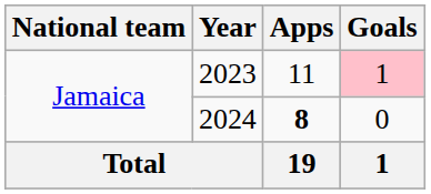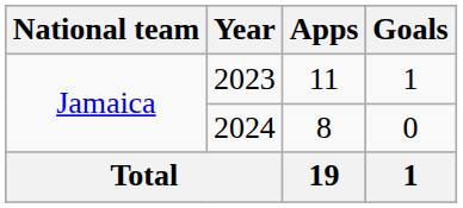 <table class="wikitable" style="text-align: center;">
 <tr>
 <th>National team</th>
 <th>Year</th>
 <th>Apps</th>
 <th>Goals</th>
 </tr>
 <tr>
 <td rowspan=2><a href='#'>Jamaica</a></td>
 <td>2023</td>
 <td>11</td>
-<td style="background: pink;">1</td>
+<td>1</td>
 </tr>
 <tr>
 <td>2024</td>
-<td><strong>8</strong></td>
+<td>8</td>
 <td>0</td>
 </tr>
 <tr>
 <th colspan="2">Total</th>
 <th>19</th>
 <th>1</th>
 </tr>
 </table>
